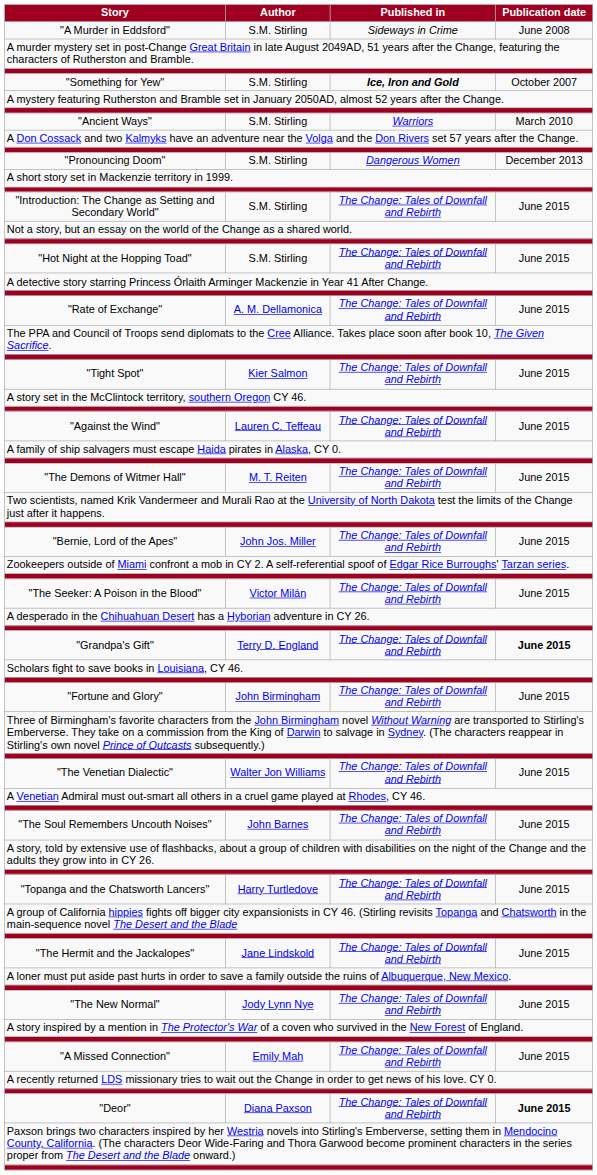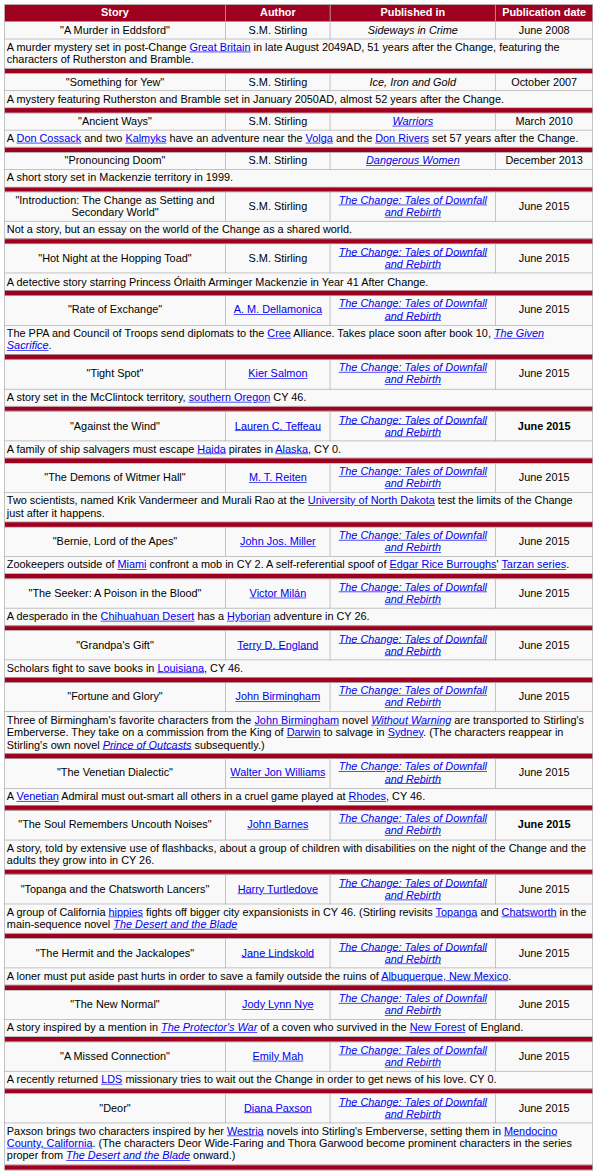 <table class="wikitable" style="width:98%; background-color:#FFFFF">
 <tr style="color:white">
 <th style="background-color: #A00020;">Story</th>
 <th style="background-color: #A00020;">Author</th>
 <th style="background-color: #A00020;">Published in</th>
 <th style="background-color: #A00020;">Publication date</th>
 </tr>
 <tr>
 <td align="center">"A Murder in Eddsford"</td>
 <td align="center">S.M. Stirling</td>
 <td align="center"><em>Sideways in Crime</em></td>
 <td align="center">June 2008</td>
 </tr>
 <tr>
 <td colspan="4">A murder mystery set in post-Change <a href='#'>Great Britain</a> in late August 2049AD, 51 years after the Change, featuring the characters of Rutherston and Bramble.</td>
 </tr>
 <tr>
 <td colspan="4" bgcolor="#A00020"></td>
 </tr>
 <tr>
 <td align="center">"Something for Yew"</td>
 <td align="center">S.M. Stirling</td>
-<td align="center"><strong><em>Ice, Iron and Gold</em></strong></td>
+<td align="center"><em>Ice, Iron and Gold</em></td>
 <td align="center">October 2007</td>
 </tr>
 <tr>
 <td colspan="4">A mystery featuring Rutherston and Bramble set in January 2050AD, almost 52 years after the Change.</td>
 </tr>
 <tr>
 <td colspan="4" bgcolor="#A00020"></td>
 </tr>
 <tr>
 <td align="center">"Ancient Ways"</td>
 <td align="center">S.M. Stirling</td>
 <td align="center"><em><a href='#'>Warriors</a></em></td>
 <td align="center">March 2010</td>
 </tr>
 <tr>
 <td colspan="4">A <a href='#'>Don Cossack</a> and two <a href='#'>Kalmyks</a> have an adventure near the <a href='#'>Volga</a> and the <a href='#'>Don Rivers</a> set 57 years after the Change.</td>
 </tr>
 <tr>
 <td colspan="4" bgcolor="#A00020"></td>
 </tr>
 <tr>
 <td align="center">"Pronouncing Doom"</td>
 <td align="center">S.M. Stirling</td>
 <td align="center"><em><a href='#'>Dangerous Women</a></em></td>
 <td align="center">December 2013</td>
 </tr>
 <tr>
 <td colspan="4">A short story set in Mackenzie territory in 1999.</td>
 </tr>
 <tr>
 <td colspan="4" bgcolor="#A00020"></td>
 </tr>
 <tr>
 <td align="center">"Introduction: The Change as Setting and Secondary World"</td>
 <td align="center">S.M. Stirling</td>
 <td align="center"><em><a href='#'>The Change: Tales of Downfall and Rebirth</a></em></td>
 <td align="center">June 2015</td>
 </tr>
 <tr>
 <td colspan="4">Not a story, but an essay on the world of the Change as a shared world.</td>
 </tr>
 <tr>
 <td colspan="4" bgcolor="#A00020"></td>
 </tr>
 <tr>
 <td align="center">"Hot Night at the Hopping Toad"</td>
 <td align="center">S.M. Stirling</td>
 <td align="center"><em><a href='#'>The Change: Tales of Downfall and Rebirth</a></em></td>
 <td align="center">June 2015</td>
 </tr>
 <tr>
 <td colspan="4">A detective story starring Princess Órlaith Arminger Mackenzie in Year 41 After Change.</td>
 </tr>
 <tr>
 <td colspan="4" bgcolor="#A00020"></td>
 </tr>
 <tr>
 <td align="center">"Rate of Exchange"</td>
 <td align="center"><a href='#'>A. M. Dellamonica</a></td>
 <td align="center"><em><a href='#'>The Change: Tales of Downfall and Rebirth</a></em></td>
 <td align="center">June 2015</td>
 </tr>
 <tr>
 <td colspan="4">The PPA and Council of Troops send diplomats to the <a href='#'>Cree</a> Alliance. Takes place soon after book 10, <em><a href='#'>The Given Sacrifice</a></em>.</td>
 </tr>
 <tr>
 <td colspan="4" bgcolor="#A00020"></td>
 </tr>
 <tr>
 <td align="center">"Tight Spot"</td>
 <td align="center"><a href='#'>Kier Salmon</a></td>
 <td align="center"><em><a href='#'>The Change: Tales of Downfall and Rebirth</a></em></td>
 <td align="center">June 2015</td>
 </tr>
 <tr>
 <td colspan="4">A story set in the McClintock territory, <a href='#'>southern Oregon</a> CY 46.</td>
 </tr>
 <tr>
 <td colspan="4" bgcolor="#A00020"></td>
 </tr>
 <tr>
 <td align="center">"Against the Wind"</td>
 <td align="center"><a href='#'>Lauren C. Teffeau</a></td>
 <td align="center"><em><a href='#'>The Change: Tales of Downfall and Rebirth</a></em></td>
-<td align="center">June 2015</td>
+<td align="center"><strong>June 2015</strong></td>
 </tr>
 <tr>
 <td colspan="4">A family of ship salvagers must escape <a href='#'>Haida</a> pirates in <a href='#'>Alaska</a>, CY 0.</td>
 </tr>
 <tr>
 <td colspan="4" bgcolor="#A00020"></td>
 </tr>
 <tr>
 <td align="center">"The Demons of Witmer Hall"</td>
 <td align="center"><a href='#'>M. T. Reiten</a></td>
 <td align="center"><em><a href='#'>The Change: Tales of Downfall and Rebirth</a></em></td>
 <td align="center">June 2015</td>
 </tr>
 <tr>
 <td colspan="4">Two scientists, named Krik Vandermeer and Murali Rao at the <a href='#'>University of North Dakota</a> test the limits of the Change just after it happens.</td>
 </tr>
 <tr>
 <td colspan="4" bgcolor="#A00020"></td>
 </tr>
 <tr>
 <td align="center">"Bernie, Lord of the Apes"</td>
 <td align="center"><a href='#'>John Jos. Miller</a></td>
 <td align="center"><em><a href='#'>The Change: Tales of Downfall and Rebirth</a></em></td>
 <td align="center">June 2015</td>
 </tr>
 <tr>
 <td colspan="4">Zookeepers outside of <a href='#'>Miami</a> confront a mob in CY 2. A self-referential spoof of <a href='#'>Edgar Rice Burroughs</a>' <a href='#'>Tarzan series</a>.</td>
 </tr>
 <tr>
 <td colspan="4" bgcolor="#A00020"></td>
 </tr>
 <tr>
 <td align="center">"The Seeker: A Poison in the Blood"</td>
 <td align="center"><a href='#'>Victor Milán</a></td>
 <td align="center"><em><a href='#'>The Change: Tales of Downfall and Rebirth</a></em></td>
 <td align="center">June 2015</td>
 </tr>
 <tr>
 <td colspan="4">A desperado in the <a href='#'>Chihuahuan Desert</a> has a <a href='#'>Hyborian</a> adventure in CY 26.</td>
 </tr>
 <tr>
 <td colspan="4" bgcolor="#A00020"></td>
 </tr>
 <tr>
 <td align="center">"Grandpa's Gift"</td>
 <td align="center"><a href='#'>Terry D. England</a></td>
 <td align="center"><em><a href='#'>The Change: Tales of Downfall and Rebirth</a></em></td>
-<td align="center"><strong>June 2015</strong></td>
+<td align="center">June 2015</td>
 </tr>
 <tr>
 <td colspan="4">Scholars fight to save books in <a href='#'>Louisiana</a>, CY 46.</td>
 </tr>
 <tr>
 <td colspan="4" bgcolor="#A00020"></td>
 </tr>
 <tr>
 <td align="center">"Fortune and Glory"</td>
 <td align="center"><a href='#'>John Birmingham</a></td>
 <td align="center"><em><a href='#'>The Change: Tales of Downfall and Rebirth</a></em></td>
 <td align="center">June 2015</td>
 </tr>
 <tr>
 <td colspan="4">Three of Birmingham's favorite characters from the <a href='#'>John Birmingham</a> novel <em><a href='#'>Without Warning</a></em> are transported to Stirling's Emberverse. They take on a commission from the King of <a href='#'>Darwin</a> to salvage in <a href='#'>Sydney</a>. (The characters reappear in Stirling's own novel <em><a href='#'>Prince of Outcasts</a></em> subsequently.)</td>
 </tr>
 <tr>
 <td colspan="4" bgcolor="#A00020"></td>
 </tr>
 <tr>
 <td align="center">"The Venetian Dialectic"</td>
 <td align="center"><a href='#'>Walter Jon Williams</a></td>
 <td align="center"><em><a href='#'>The Change: Tales of Downfall and Rebirth</a></em></td>
 <td align="center">June 2015</td>
 </tr>
 <tr>
 <td colspan="4">A <a href='#'>Venetian</a> Admiral must out-smart all others in a cruel game played at <a href='#'>Rhodes</a>, CY 46.</td>
 </tr>
 <tr>
 <td colspan="4" bgcolor="#A00020"></td>
 </tr>
 <tr>
 <td align="center">"The Soul Remembers Uncouth Noises"</td>
 <td align="center"><a href='#'>John Barnes</a></td>
 <td align="center"><em><a href='#'>The Change: Tales of Downfall and Rebirth</a></em></td>
-<td align="center">June 2015</td>
+<td align="center"><strong>June 2015</strong></td>
 </tr>
 <tr>
 <td colspan="4">A story, told by extensive use of flashbacks, about a group of children with disabilities on the night of the Change and the adults they grow into in CY 26.</td>
 </tr>
 <tr>
 <td colspan="4" bgcolor="#A00020"></td>
 </tr>
 <tr>
 <td align="center">"Topanga and the Chatsworth Lancers"</td>
 <td align="center"><a href='#'>Harry Turtledove</a></td>
 <td align="center"><em><a href='#'>The Change: Tales of Downfall and Rebirth</a></em></td>
 <td align="center">June 2015</td>
 </tr>
 <tr>
 <td colspan="4">A group of California <a href='#'>hippies</a> fights off bigger city expansionists in CY 46. (Stirling revisits <a href='#'>Topanga</a> and <a href='#'>Chatsworth</a> in the main-sequence novel <em><a href='#'>The Desert and the Blade</a></em></td>
 </tr>
 <tr>
 <td colspan="4" bgcolor="#A00020"></td>
 </tr>
 <tr>
 <td align="center">"The Hermit and the Jackalopes"</td>
 <td align="center"><a href='#'>Jane Lindskold</a></td>
 <td align="center"><em><a href='#'>The Change: Tales of Downfall and Rebirth</a></em></td>
 <td align="center">June 2015</td>
 </tr>
 <tr>
 <td colspan="4">A loner must put aside past hurts in order to save a family outside the ruins of <a href='#'>Albuquerque, New Mexico</a>.</td>
 </tr>
 <tr>
 <td colspan="4" bgcolor="#A00020"></td>
 </tr>
 <tr>
 <td align="center">"The New Normal"</td>
 <td align="center"><a href='#'>Jody Lynn Nye</a></td>
 <td align="center"><em><a href='#'>The Change: Tales of Downfall and Rebirth</a></em></td>
 <td align="center">June 2015</td>
 </tr>
 <tr>
 <td colspan="4">A story inspired by a mention in <em><a href='#'>The Protector's War</a></em> of a coven who survived in the <a href='#'>New Forest</a> of England.</td>
 </tr>
 <tr>
 <td colspan="4" bgcolor="#A00020"></td>
 </tr>
 <tr>
 <td align="center">"A Missed Connection"</td>
 <td align="center"><a href='#'>Emily Mah</a></td>
 <td align="center"><em><a href='#'>The Change: Tales of Downfall and Rebirth</a></em></td>
 <td align="center">June 2015</td>
 </tr>
 <tr>
 <td colspan="4">A recently returned <a href='#'>LDS</a> missionary tries to wait out the Change in order to get news of his love. CY 0.</td>
 </tr>
 <tr>
 <td colspan="4" bgcolor="#A00020"></td>
 </tr>
 <tr>
 <td align="center">"Deor"</td>
 <td align="center"><a href='#'>Diana Paxson</a></td>
 <td align="center"><em><a href='#'>The Change: Tales of Downfall and Rebirth</a></em></td>
-<td align="center"><strong>June 2015</strong></td>
+<td align="center">June 2015</td>
 </tr>
 <tr>
 <td colspan="4">Paxson brings two characters inspired by her <a href='#'>Westria</a> novels into Stirling's Emberverse, setting them in <a href='#'>Mendocino County, California</a>. (The characters Deor Wide-Faring and Thora Garwood become prominent characters in the series proper from <em><a href='#'>The Desert and the Blade</a></em> onward.)</td>
 </tr>
 <tr>
 <td colspan="4" bgcolor="#A00020"></td>
 </tr>
 </table>
